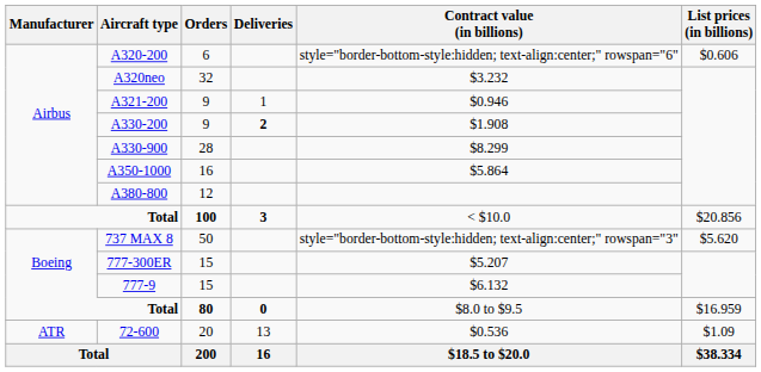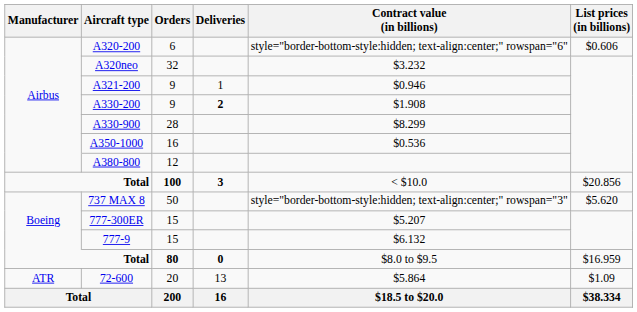 <table style="text-align:center; float:right; font-size:85%; margin-left:2em;"  class="wikitable">
 <tr>
 <th>Manufacturer</th>
 <th>Aircraft type</th>
 <th>Orders</th>
 <th>Deliveries</th>
 <th>Contract value<br>(in billions)</th>
 <th>List prices<br>(in billions)</th>
 </tr>
 <tr>
 <td style="border-bottom-style:hidden; text-align:center;" rowspan="6"><a href='#'>Airbus</a></td>
 <td><a href='#'>A320-200</a></td>
 <td>6</td>
 <td></td>
 <td>style="border-bottom-style:hidden; text-align:center;" rowspan="6" </td>
 <td>$0.606</td>
 </tr>
 <tr>
 <td><a href='#'>A320neo</a></td>
 <td>32</td>
 <td></td>
 <td>$3.232</td>
 </tr>
 <tr>
 <td><a href='#'>A321-200</a></td>
 <td>9</td>
 <td>1</td>
 <td>$0.946</td>
 </tr>
 <tr>
 <td><a href='#'>A330-200</a></td>
 <td>9</td>
 <td><strong>2</strong></td>
 <td>$1.908</td>
 </tr>
 <tr>
 <td><a href='#'>A330-900</a></td>
 <td>28</td>
 <td></td>
 <td>$8.299</td>
 </tr>
 <tr>
 <td><a href='#'>A350-1000</a></td>
 <td>16</td>
 <td></td>
-<td>$5.864</td>
+<td>$0.536</td>
 </tr>
 <tr>
 <td></td>
 <td><a href='#'>A380-800</a></td>
 <td>12</td>
 <td></td>
 <td></td>
 </tr>
 <tr>
 <td style="text-align:right;" colspan="2"><strong>Total</strong></td>
 <td><strong>100</strong></td>
 <td><strong>3</strong></td>
 <td>< $10.0</td>
 <td>$20.856</td>
 </tr>
 <tr>
 <td style="border-bottom-style:hidden; text-align:center;" rowspan="3"><a href='#'>Boeing</a></td>
 <td><a href='#'>737 MAX 8</a></td>
 <td>50</td>
 <td></td>
 <td>style="border-bottom-style:hidden; text-align:center;" rowspan="3" </td>
 <td>$5.620</td>
 </tr>
 <tr>
 <td><a href='#'>777-300ER</a></td>
 <td>15</td>
 <td></td>
 <td>$5.207</td>
 </tr>
 <tr>
 <td><a href='#'>777-9</a></td>
 <td>15</td>
 <td></td>
 <td>$6.132</td>
 </tr>
 <tr>
 <td style="text-align:right;" colspan="2"><strong>Total</strong></td>
 <td><strong>80</strong></td>
 <td><strong>0</strong></td>
 <td>$8.0 to $9.5</td>
 <td>$16.959</td>
 </tr>
 <tr>
 <td><a href='#'>ATR</a></td>
 <td><a href='#'>72-600</a></td>
 <td>20</td>
 <td>13</td>
-<td>$0.536</td>
+<td>$5.864</td>
 <td>$1.09</td>
 </tr>
 <tr>
 <th colspan=2>Total</th>
 <th>200</th>
 <th>16</th>
 <th>$18.5 to $20.0</th>
 <th>$38.334</th>
 </tr>
 </table>
